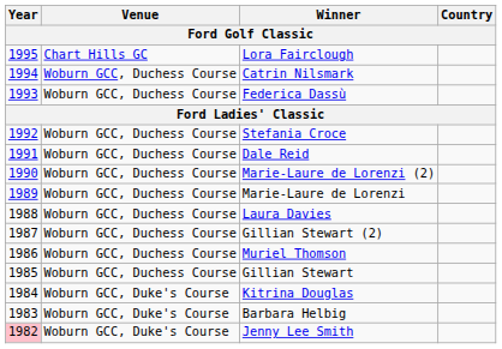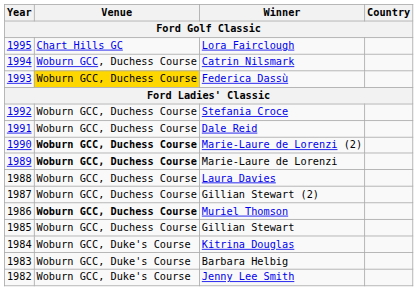 <table class=wikitable style="font-size:95%">
 <tr>
 <th>Year</th>
 <th>Venue</th>
 <th>Winner</th>
 <th>Country<br></th>
 </tr>
 <tr>
 <th colspan=4>Ford Golf Classic</th>
 </tr>
 <tr>
 <td><a href='#'>1995</a></td>
 <td><a href='#'>Chart Hills GC</a></td>
 <td><a href='#'>Lora Fairclough</a></td>
 <td></td>
 </tr>
 <tr>
 <td><a href='#'>1994</a></td>
 <td><a href='#'>Woburn GCC</a>, Duchess Course</td>
 <td><a href='#'>Catrin Nilsmark</a></td>
 <td></td>
 </tr>
 <tr>
 <td><a href='#'>1993</a></td>
-<td>Woburn GCC, Duchess Course</td>
+<td style="background: gold;">Woburn GCC, Duchess Course</td>
 <td><a href='#'>Federica Dassù</a></td>
 <td></td>
 </tr>
 <tr>
 <th colspan=4>Ford Ladies' Classic</th>
 </tr>
 <tr>
 <td><a href='#'>1992</a></td>
 <td>Woburn GCC, Duchess Course</td>
 <td><a href='#'>Stefania Croce</a></td>
 <td></td>
 </tr>
 <tr>
 <td><a href='#'>1991</a></td>
 <td>Woburn GCC, Duchess Course</td>
 <td><a href='#'>Dale Reid</a></td>
 <td></td>
 </tr>
 <tr>
 <td><a href='#'>1990</a></td>
-<td>Woburn GCC, Duchess Course</td>
+<td><strong>Woburn GCC, Duchess Course</strong></td>
 <td><a href='#'>Marie-Laure de Lorenzi</a> (2)</td>
 <td></td>
 </tr>
 <tr>
 <td><a href='#'>1989</a></td>
-<td>Woburn GCC, Duchess Course</td>
+<td><strong>Woburn GCC, Duchess Course</strong></td>
 <td>Marie-Laure de Lorenzi</td>
 <td></td>
 </tr>
 <tr>
 <td>1988</td>
 <td>Woburn GCC, Duchess Course</td>
 <td><a href='#'>Laura Davies</a></td>
 <td></td>
 </tr>
 <tr>
 <td>1987</td>
 <td>Woburn GCC, Duchess Course</td>
 <td>Gillian Stewart (2)</td>
 <td></td>
 </tr>
 <tr>
 <td>1986</td>
-<td>Woburn GCC, Duchess Course</td>
+<td><strong>Woburn GCC, Duchess Course</strong></td>
 <td><a href='#'>Muriel Thomson</a></td>
 <td></td>
 </tr>
 <tr>
 <td>1985</td>
 <td>Woburn GCC, Duchess Course</td>
 <td>Gillian Stewart</td>
 <td></td>
 </tr>
 <tr>
 <td>1984</td>
 <td>Woburn GCC, Duke's Course</td>
 <td><a href='#'>Kitrina Douglas</a></td>
 <td></td>
 </tr>
 <tr>
 <td>1983</td>
 <td>Woburn GCC, Duke's Course</td>
 <td>Barbara Helbig</td>
 <td></td>
 </tr>
 <tr>
-<td style="background: pink;">1982</td>
+<td>1982</td>
 <td>Woburn GCC, Duke's Course</td>
 <td><a href='#'>Jenny Lee Smith</a></td>
 <td></td>
 </tr>
 </table>
